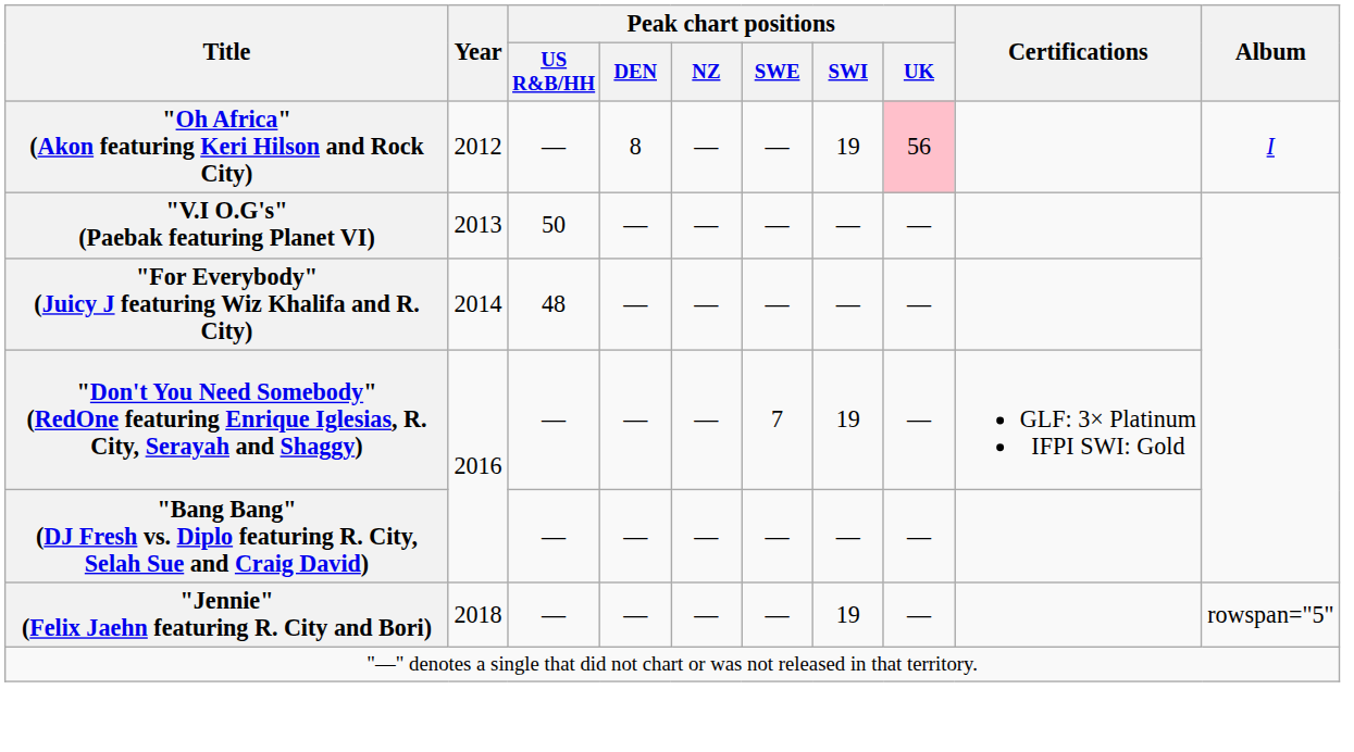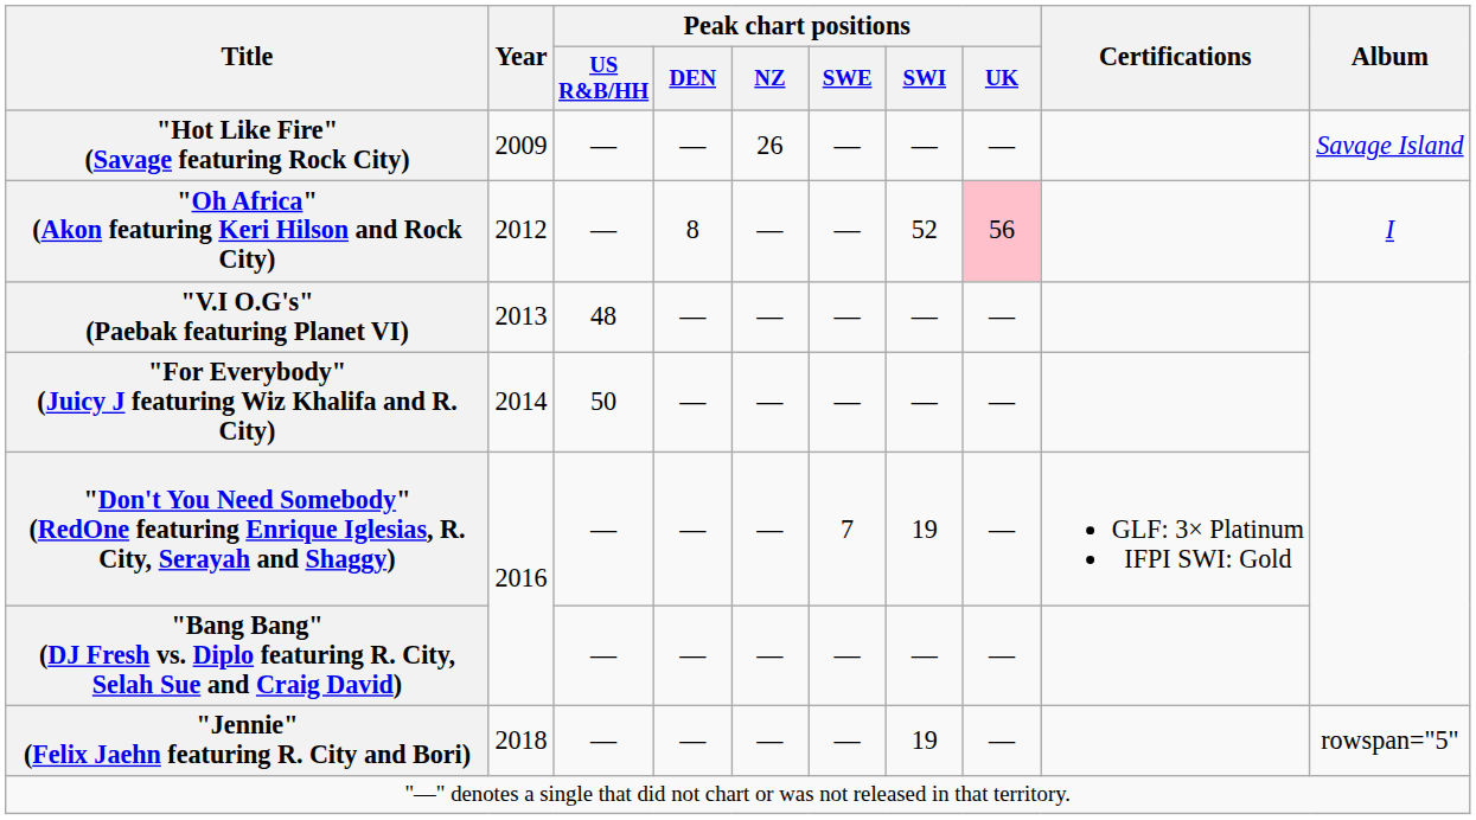 <table class="wikitable plainrowheaders" style="text-align:center;">
 <tr>
 <th scope="col" rowspan="2" style="width:18em;">Title</th>
 <th scope="col" rowspan="2" style="width:1em;">Year</th>
 <th scope="col" colspan="6">Peak chart positions</th>
 <th scope="col" rowspan="2">Certifications</th>
 <th scope="col" rowspan="2">Album</th>
 </tr>
 <tr>
 <th scope="col" style="width:3em;font-size:85%;"><a href='#'>US<br>R&B/HH</a><br></th>
 <th scope="col" style="width:3em;font-size:85%;"><a href='#'>DEN</a><br></th>
 <th scope="col" style="width:3em;font-size:85%;"><a href='#'>NZ</a><br></th>
 <th scope="col" style="width:3em;font-size:85%;"><a href='#'>SWE</a><br></th>
 <th scope="col" style="width:3em;font-size:85%;"><a href='#'>SWI</a><br></th>
 <th scope="col" style="width:3em;font-size:85%;"><a href='#'>UK</a><br></th>
 </tr>
 <tr>
+<th scope="row">"Hot Like Fire"<br><span>(<a href='#'>Savage</a> featuring Rock City)</span></th>
+<td>2009</td>
+<td>—</td>
+<td>—</td>
+<td>26</td>
+<td>—</td>
+<td>—</td>
+<td>—</td>
+<td></td>
+<td><em><a href='#'>Savage Island</a></em></td>
+</tr>
+<tr>
 <th scope="row">"<a href='#'>Oh Africa</a>"<br><span>(<a href='#'>Akon</a> featuring <a href='#'>Keri Hilson</a> and Rock City)</span></th>
 <td>2012</td>
 <td>—</td>
 <td>8</td>
 <td>—</td>
 <td>—</td>
-<td>19</td>
+<td>52</td>
 <td style="background: pink;">56</td>
 <td></td>
 <td><em><a href='#'>I</a></em></td>
 </tr>
 <tr>
 <th scope="row">"V.I O.G's"<br><span>(Paebak featuring Planet VI)</span></th>
 <td>2013</td>
-<td>50</td>
+<td>48</td>
 <td>—</td>
 <td>—</td>
 <td>—</td>
 <td>—</td>
 <td>—</td>
 <td></td>
 </tr>
 <tr>
 <th scope="row">"For Everybody"<br><span>(<a href='#'>Juicy J</a> featuring Wiz Khalifa and R. City)</span></th>
 <td>2014</td>
-<td>48</td>
+<td>50</td>
 <td>—</td>
 <td>—</td>
 <td>—</td>
 <td>—</td>
 <td>—</td>
 <td></td>
 </tr>
 <tr>
 <th scope="row">"<a href='#'>Don't You Need Somebody</a>"<br><span>(<a href='#'>RedOne</a> featuring <a href='#'>Enrique Iglesias</a>, R. City, <a href='#'>Serayah</a> and <a href='#'>Shaggy</a>)</span></th>
 <td rowspan="2">2016</td>
 <td>—</td>
 <td>—</td>
 <td>—</td>
 <td>7</td>
 <td>19</td>
 <td>—</td>
 <td><br><ul><li>GLF: 3× Platinum</li><li>IFPI SWI: Gold</li></ul></td>
 </tr>
 <tr>
 <th scope="row">"Bang Bang"<br><span>(<a href='#'>DJ Fresh</a> vs. <a href='#'>Diplo</a> featuring R. City, <a href='#'>Selah Sue</a> and <a href='#'>Craig David</a>)</span></th>
 <td>—</td>
 <td>—</td>
 <td>—</td>
 <td>—</td>
 <td>—</td>
 <td>—</td>
 <td></td>
 </tr>
 <tr>
 <th scope="row">"Jennie"<br><span>(<a href='#'>Felix Jaehn</a> featuring R. City and Bori)</span></th>
 <td>2018</td>
 <td>—</td>
 <td>—</td>
 <td>—</td>
 <td>—</td>
 <td>19</td>
 <td>—</td>
 <td></td>
 <td>rowspan="5" </td>
 </tr>
 <tr>
 <td colspan="10" style="font-size:85%">"—" denotes a single that did not chart or was not released in that territory.</td>
 </tr>
 </table>
